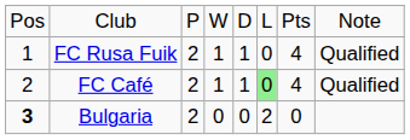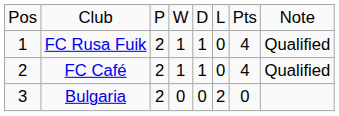 <table class="wikitable" style="text-align: center;">
 <tr>
 <td>Pos</td>
 <td>Club</td>
 <td>P</td>
 <td>W</td>
 <td>D</td>
 <td>L</td>
 <td>Pts</td>
 <td>Note</td>
 </tr>
 <tr>
 <td>1</td>
 <td><a href='#'>FC Rusa Fuik</a></td>
 <td>2</td>
 <td>1</td>
 <td>1</td>
 <td>0</td>
 <td>4</td>
 <td>Qualified</td>
 </tr>
 <tr>
 <td>2</td>
 <td><a href='#'>FC Café</a></td>
 <td>2</td>
 <td>1</td>
 <td>1</td>
-<td style="background: lightgreen;">0</td>
+<td>0</td>
 <td>4</td>
 <td>Qualified</td>
 </tr>
 <tr>
-<td><strong>3</strong></td>
+<td>3</td>
 <td><a href='#'>Bulgaria</a></td>
 <td>2</td>
 <td>0</td>
 <td>0</td>
 <td>2</td>
 <td>0</td>
 <td></td>
 </tr>
 </table>
